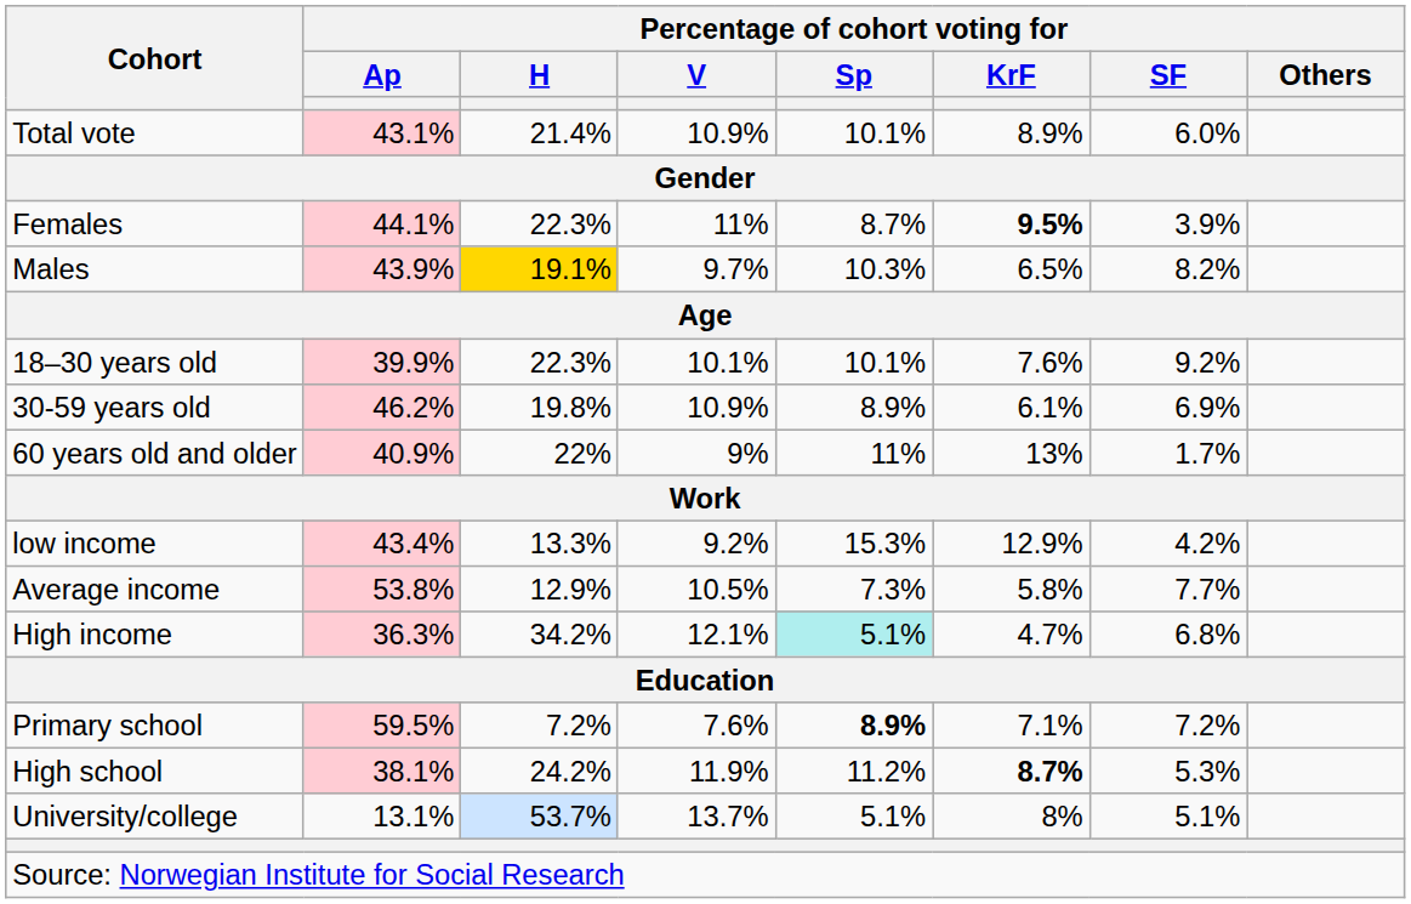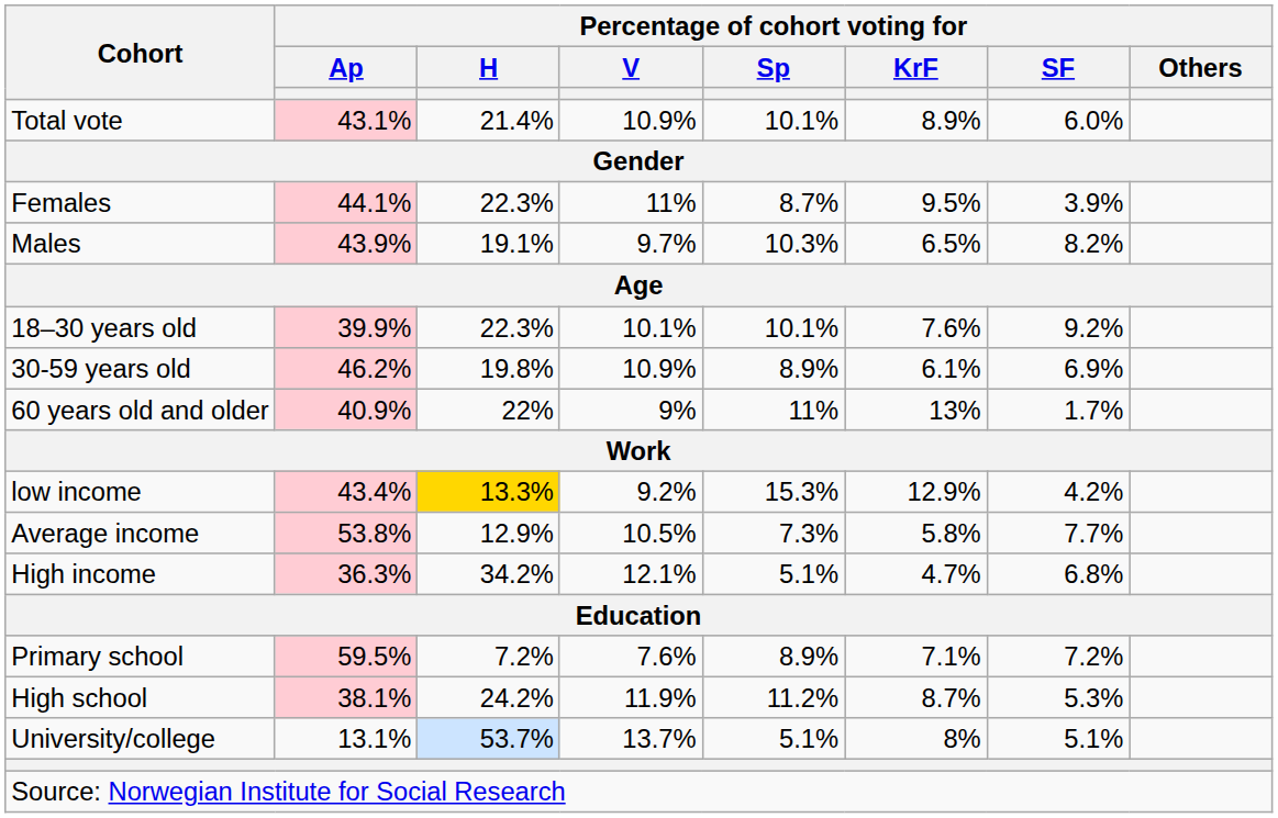 <table class="wikitable" style="text-align:right; font-size:95%;">
 <tr>
 <th rowspan="3">Cohort</th>
 <th colspan="7">Percentage of cohort voting for</th>
 </tr>
 <tr>
 <th scope="col" style="width:5em;"><a href='#'>Ap</a></th>
 <th scope="col" style="width:5em;"><a href='#'>H</a></th>
 <th scope="col" style="width:5em;"><a href='#'>V</a></th>
 <th scope="col" style="width:5em;"><a href='#'>Sp</a></th>
 <th scope="col" style="width:5em;"><a href='#'>KrF</a></th>
 <th scope="col" style="width:5em;"><a href='#'>SF</a></th>
 <th scope="col" style="width:5em;">Others</th>
 </tr>
 <tr>
 <th style="background:"></th>
 <th style="background:"></th>
 <th style="background:"></th>
 <th style="background:"></th>
 <th style="background:"></th>
 <th style="background:"></th>
 <th style="background:"></th>
 </tr>
 <tr>
 <td align=left>Total vote</td>
 <td style="background:#ffccd4;">43.1%</td>
 <td>21.4%</td>
 <td>10.9%</td>
 <td>10.1%</td>
 <td>8.9%</td>
 <td>6.0%</td>
 <td></td>
 </tr>
 <tr>
 <th colspan="8">Gender</th>
 </tr>
 <tr>
 <td align=left>Females</td>
 <td style="background:#ffccd4;">44.1%</td>
 <td>22.3%</td>
 <td>11%</td>
 <td>8.7%</td>
-<td><strong>9.5%</strong></td>
+<td>9.5%</td>
 <td>3.9%</td>
 <td></td>
 </tr>
 <tr>
 <td align=left>Males</td>
 <td style="background:#ffccd4;">43.9%</td>
-<td style="background: gold;">19.1%</td>
+<td>19.1%</td>
 <td>9.7%</td>
 <td>10.3%</td>
 <td>6.5%</td>
 <td>8.2%</td>
 <td></td>
 </tr>
 <tr>
 <th colspan="8">Age</th>
 </tr>
 <tr>
 <td align=left>18–30 years old</td>
 <td style="background:#ffccd4;">39.9%</td>
 <td>22.3%</td>
 <td>10.1%</td>
 <td>10.1%</td>
 <td>7.6%</td>
 <td>9.2%</td>
 <td></td>
 </tr>
 <tr>
 <td align=left>30-59 years old</td>
 <td style="background:#ffccd4;">46.2%</td>
 <td>19.8%</td>
 <td>10.9%</td>
 <td>8.9%</td>
 <td>6.1%</td>
 <td>6.9%</td>
 <td></td>
 </tr>
 <tr>
 <td align=left>60 years old and older</td>
 <td style="background:#ffccd4;">40.9%</td>
 <td>22%</td>
 <td>9%</td>
 <td>11%</td>
 <td>13%</td>
 <td>1.7%</td>
 <td></td>
 </tr>
 <tr>
 <th colspan="8">Work</th>
 </tr>
 <tr>
 <td align=left>low income</td>
 <td style="background:#ffccd4;">43.4%</td>
-<td>13.3%</td>
+<td style="background: gold;">13.3%</td>
 <td>9.2%</td>
 <td>15.3%</td>
 <td>12.9%</td>
 <td>4.2%</td>
 <td></td>
 </tr>
 <tr>
 <td align=left>Average income</td>
 <td style="background:#ffccd4;">53.8%</td>
 <td>12.9%</td>
 <td>10.5%</td>
 <td>7.3%</td>
 <td>5.8%</td>
 <td>7.7%</td>
 <td></td>
 </tr>
 <tr>
 <td align=left>High income</td>
 <td style="background:#ffccd4;">36.3%</td>
 <td>34.2%</td>
 <td>12.1%</td>
-<td style="background: paleturquoise;">5.1%</td>
+<td>5.1%</td>
 <td>4.7%</td>
 <td>6.8%</td>
 <td></td>
 </tr>
 <tr>
 <th colspan="8">Education</th>
 </tr>
 <tr>
 <td align=left>Primary school</td>
 <td style="background:#ffccd4;">59.5%</td>
 <td>7.2%</td>
 <td>7.6%</td>
-<td><strong>8.9%</strong></td>
+<td>8.9%</td>
 <td>7.1%</td>
 <td>7.2%</td>
 <td></td>
 </tr>
 <tr>
 <td align=left>High school</td>
 <td style="background:#ffccd4;">38.1%</td>
 <td>24.2%</td>
 <td>11.9%</td>
 <td>11.2%</td>
-<td><strong>8.7%</strong></td>
+<td>8.7%</td>
 <td>5.3%</td>
 <td></td>
 </tr>
 <tr>
 <td align=left>University/college</td>
 <td>13.1%</td>
 <td style="background:#cce4ff;">53.7%</td>
 <td>13.7%</td>
 <td>5.1%</td>
 <td>8%</td>
 <td>5.1%</td>
 <td></td>
 </tr>
 <tr>
 <th colspan="11!"></th>
 </tr>
 <tr>
 <td align=left colspan="8">Source: <a href='#'>Norwegian Institute for Social Research</a></td>
 </tr>
 </table>
